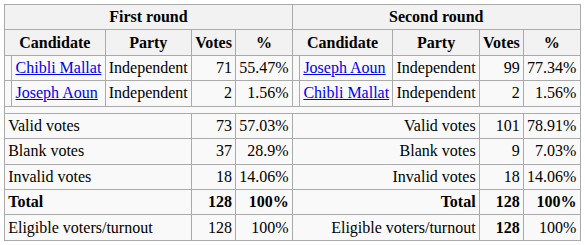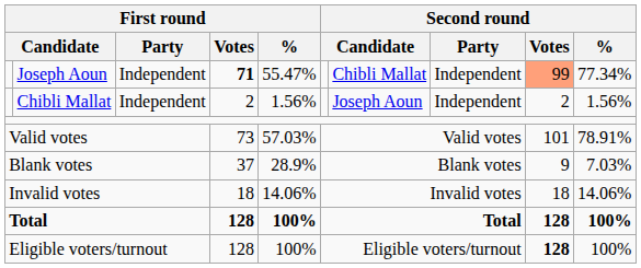 <table class="wikitable" style="text-align:right">
 <tr>
 <th colspan="5">First round</th>
 <th colspan="5">Second round</th>
 </tr>
 <tr>
 <th colspan="2">Candidate</th>
 <th>Party</th>
 <th>Votes</th>
 <th>%</th>
 <th colspan="2">Candidate</th>
 <th>Party</th>
 <th>Votes</th>
 <th>%</th>
 </tr>
 <tr>
 <td></td>
+<td align="left"><a href='#'>Joseph Aoun</a></td>
+<td align="left">Independent</td>
+<td><strong>71</strong></td>
+<td>55.47%</td>
+<td></td>
 <td align="left"><a href='#'>Chibli Mallat</a></td>
 <td align="left">Independent</td>
-<td>71</td>
-<td>55.47%</td>
-<td></td>
-<td align="left"><a href='#'>Joseph Aoun</a></td>
-<td align="left">Independent</td>
-<td>99</td>
+<td style="background: lightsalmon;">99</td>
 <td>77.34%</td>
 </tr>
 <tr>
 <td></td>
-<td align="left"><a href='#'>Joseph Aoun</a></td>
+<td align="left"><a href='#'>Chibli Mallat</a></td>
 <td align="left">Independent</td>
 <td>2</td>
 <td>1.56%</td>
 <td></td>
-<td align="left"><a href='#'>Chibli Mallat</a></td>
+<td align="left"><a href='#'>Joseph Aoun</a></td>
 <td align="left">Independent</td>
 <td>2</td>
 <td>1.56%</td>
 </tr>
 <tr>
 <td colspan="10"></td>
 </tr>
 <tr>
 <td colspan="3" style="text-align:left;">Valid votes</td>
 <td>73</td>
 <td>57.03%</td>
 <td colspan="3">Valid votes</td>
 <td>101</td>
 <td>78.91%</td>
 </tr>
 <tr>
 <td colspan="3" style="text-align:left;">Blank votes</td>
 <td>37</td>
 <td>28.9%</td>
 <td colspan="3">Blank votes</td>
 <td>9</td>
 <td>7.03%</td>
 </tr>
 <tr>
 <td colspan="3" style="text-align:left;">Invalid votes</td>
 <td>18</td>
 <td>14.06%</td>
 <td colspan="3">Invalid votes</td>
 <td>18</td>
 <td>14.06%</td>
 </tr>
 <tr>
 <td colspan="3" style="text-align:left;"><strong>Total</strong></td>
 <td><strong>128</strong></td>
 <td><strong>100%</strong></td>
 <td colspan="3"><strong>Total</strong></td>
 <td><strong>128</strong></td>
 <td><strong>100%</strong></td>
 </tr>
 <tr>
 <td colspan="3" style="text-align:left;">Eligible voters/turnout</td>
 <td>128</td>
 <td>100%</td>
 <td colspan="3">Eligible voters/turnout</td>
 <td><strong>128</strong></td>
 <td>100%</td>
 </tr>
 </table>
